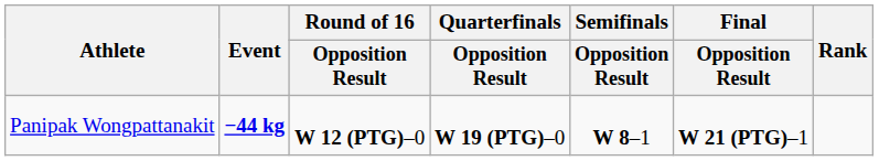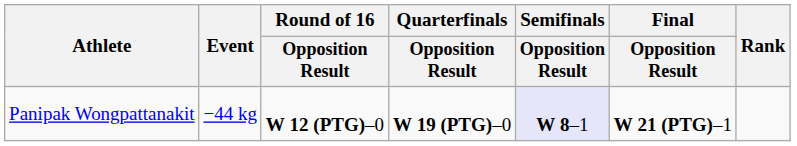 <table class="wikitable" style="font-size:90%;">
 <tr>
 <th rowspan=2>Athlete</th>
 <th rowspan=2>Event</th>
 <th>Round of 16</th>
 <th>Quarterfinals</th>
 <th>Semifinals</th>
 <th>Final</th>
 <th rowspan=2>Rank</th>
 </tr>
 <tr style="font-size:95%">
 <th>Opposition<br>Result</th>
 <th>Opposition<br>Result</th>
 <th>Opposition<br>Result</th>
 <th>Opposition<br>Result</th>
 </tr>
 <tr align=center>
 <td align=left><a href='#'>Panipak Wongpattanakit</a></td>
-<td align=left><strong><a href='#'>−44 kg</a></strong></td>
+<td align=left><a href='#'>−44 kg</a></td>
 <td align=center><br><strong>W</strong> <strong>12 (PTG)</strong>–0</td>
 <td align=center><br><strong>W</strong> <strong>19 (PTG)</strong>–0</td>
-<td align=center><br><strong>W</strong> <strong>8</strong>–1</td>
+<td align=center style="background: lavender;"><br><strong>W</strong> <strong>8</strong>–1</td>
 <td align=center><br><strong>W</strong> <strong>21 (PTG)</strong>–1</td>
 <td></td>
 </tr>
 </table>
